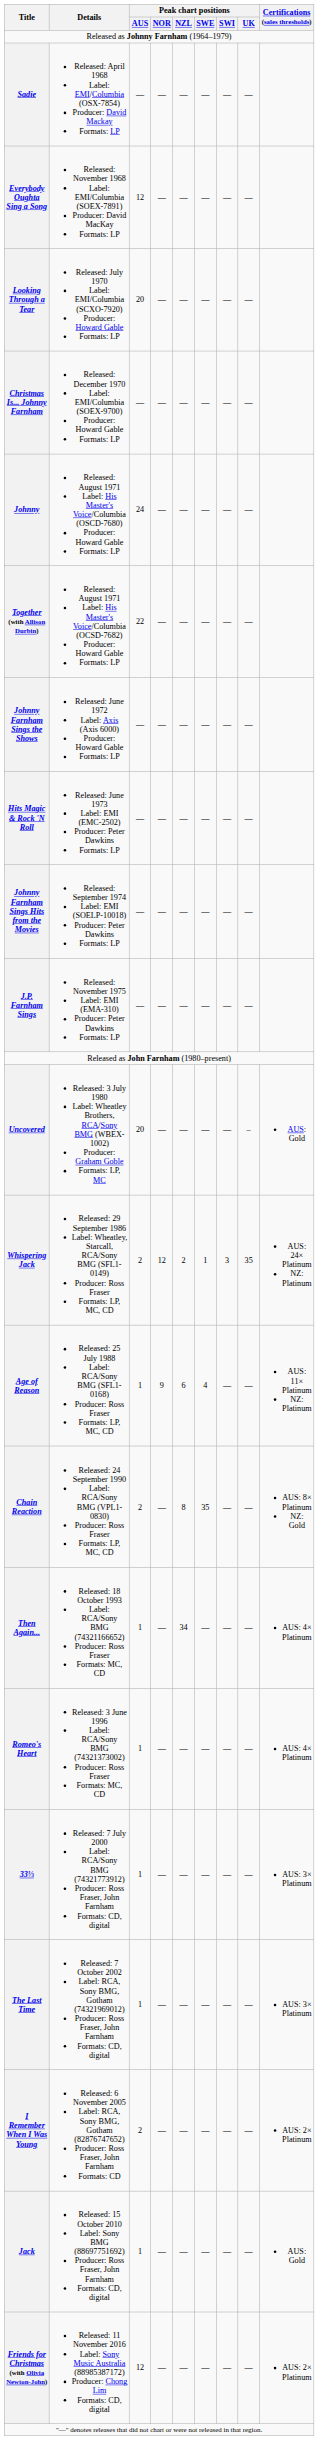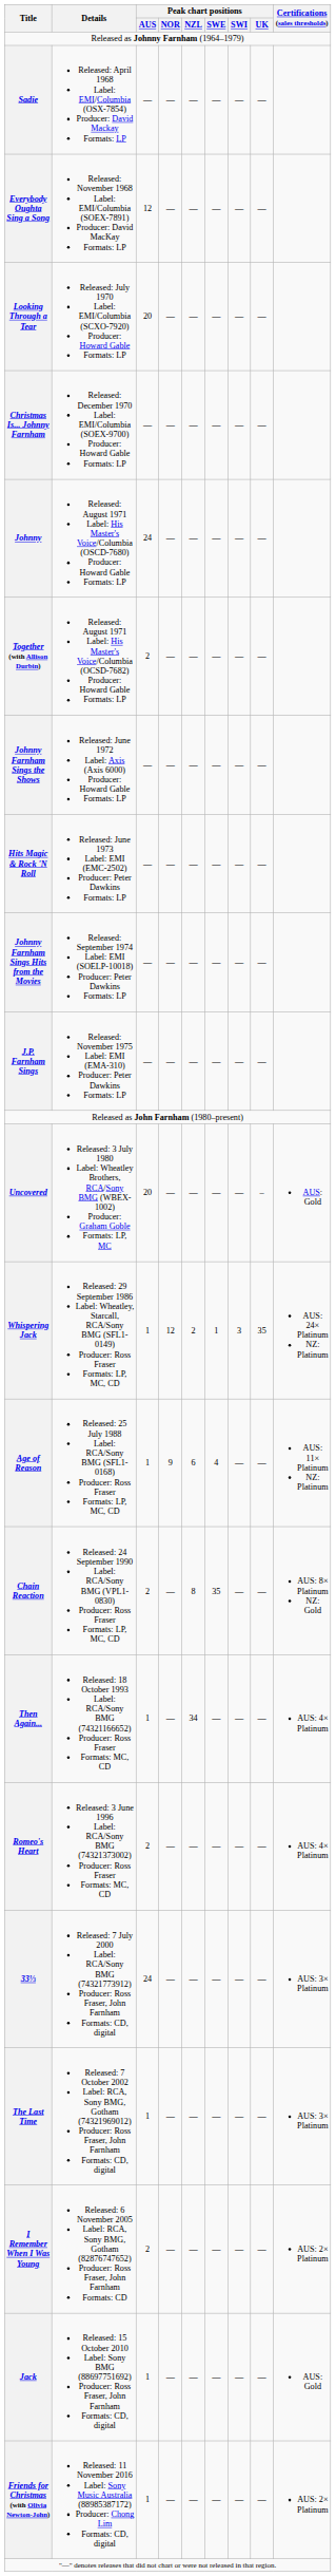 <table class="wikitable plainrowheaders" style="text-align:center;" border="1">
 <tr>
 <th rowspan="2">Title</th>
 <th rowspan="2">Details</th>
 <th colspan="6">Peak chart positions</th>
 <th rowspan="2"><a href='#'>Certifications</a><br><small>(<a href='#'>sales thresholds</a>)</small></th>
 </tr>
 <tr>
 <th width="35"><a href='#'>AUS</a><br></th>
 <th width="35"><a href='#'>NOR</a><br></th>
 <th width="35"><a href='#'>NZL</a><br></th>
 <th width="35"><a href='#'>SWE</a><br></th>
 <th width="35"><a href='#'>SWI</a><br></th>
 <th width="35"><a href='#'>UK</a><br></th>
 </tr>
 <tr>
 <td colspan=9>Released as <strong>Johnny Farnham</strong> (1964–1979)</td>
 </tr>
 <tr>
 <th scope="row"><em><a href='#'>Sadie</a></em></th>
 <td><br><ul><li>Released: April 1968</li><li>Label: <a href='#'>EMI</a>/<a href='#'>Columbia</a> (OSX-7854)</li><li>Producer: <a href='#'>David Mackay</a></li><li>Formats: <a href='#'>LP</a></li></ul></td>
 <td align="center">—</td>
 <td align="center">—</td>
 <td align="center">—</td>
 <td align="center">—</td>
 <td align="center">—</td>
 <td align="center">—</td>
 <td></td>
 </tr>
 <tr>
 <th scope="row"><em><a href='#'>Everybody Oughta Sing a Song</a></em></th>
 <td><br><ul><li>Released: November 1968</li><li>Label: EMI/Columbia (SOEX-7891)</li><li>Producer: David MacKay</li><li>Formats: LP</li></ul></td>
 <td align="center">12</td>
 <td align="center">—</td>
 <td align="center">—</td>
 <td align="center">—</td>
 <td align="center">—</td>
 <td align="center">—</td>
 <td></td>
 </tr>
 <tr>
 <th scope="row"><em><a href='#'>Looking Through a Tear</a></em></th>
 <td><br><ul><li>Released: July 1970</li><li>Label: EMI/Columbia (SCXO-7920)</li><li>Producer: <a href='#'>Howard Gable</a></li><li>Formats: LP</li></ul></td>
 <td align="center">20</td>
 <td align="center">—</td>
 <td align="center">—</td>
 <td align="center">—</td>
 <td align="center">—</td>
 <td align="center">—</td>
 <td></td>
 </tr>
 <tr>
 <th scope="row"><em><a href='#'>Christmas Is... Johnny Farnham</a></em></th>
 <td><br><ul><li>Released: December 1970</li><li>Label: EMI/Columbia (SOEX-9700)</li><li>Producer: Howard Gable</li><li>Formats: LP</li></ul></td>
 <td align="center">—</td>
 <td align="center">—</td>
 <td align="center">—</td>
 <td align="center">—</td>
 <td align="center">—</td>
 <td align="center">—</td>
 <td></td>
 </tr>
 <tr>
 <th scope="row"><em><a href='#'>Johnny</a></em></th>
 <td><br><ul><li>Released: August 1971</li><li>Label: <a href='#'>His Master's Voice</a>/Columbia (OSCD-7680)</li><li>Producer: Howard Gable</li><li>Formats: LP</li></ul></td>
 <td align="center">24</td>
 <td align="center">—</td>
 <td align="center">—</td>
 <td align="center">—</td>
 <td align="center">—</td>
 <td align="center">—</td>
 <td></td>
 </tr>
 <tr>
 <th scope="row"><em><a href='#'>Together</a></em><br><small>(with <a href='#'>Allison Durbin</a>)</small></th>
 <td><br><ul><li>Released: August 1971</li><li>Label: <a href='#'>His Master's Voice</a>/Columbia (OCSD-7682)</li><li>Producer: Howard Gable</li><li>Formats: LP</li></ul></td>
-<td align="center">22</td>
+<td align="center">2</td>
 <td align="center">—</td>
 <td align="center">—</td>
 <td align="center">—</td>
 <td align="center">—</td>
 <td align="center">—</td>
 <td></td>
 </tr>
 <tr>
 <th scope="row"><em><a href='#'>Johnny Farnham Sings the Shows</a></em></th>
 <td><br><ul><li>Released: June 1972</li><li>Label: <a href='#'>Axis</a> (Axis 6000)</li><li>Producer: Howard Gable</li><li>Formats: LP</li></ul></td>
 <td align="center">—</td>
 <td align="center">—</td>
 <td align="center">—</td>
 <td align="center">—</td>
 <td align="center">—</td>
 <td align="center">—</td>
 <td></td>
 </tr>
 <tr>
 <th scope="row"><em><a href='#'>Hits Magic & Rock 'N Roll</a></em></th>
 <td><br><ul><li>Released: June 1973</li><li>Label: EMI (EMC-2502)</li><li>Producer: Peter Dawkins</li><li>Formats: LP</li></ul></td>
 <td align="center">—</td>
 <td align="center">—</td>
 <td align="center">—</td>
 <td align="center">—</td>
 <td align="center">—</td>
 <td align="center">—</td>
 <td></td>
 </tr>
 <tr>
 <th scope="row"><em><a href='#'>Johnny Farnham Sings Hits from the Movies</a></em></th>
 <td><br><ul><li>Released: September 1974</li><li>Label: EMI (SOELP-10018)</li><li>Producer: Peter Dawkins</li><li>Formats: LP</li></ul></td>
 <td align="center">—</td>
 <td align="center">—</td>
 <td align="center">—</td>
 <td align="center">—</td>
 <td align="center">—</td>
 <td align="center">—</td>
 <td></td>
 </tr>
 <tr>
 <th scope="row"><em><a href='#'>J.P. Farnham Sings</a></em></th>
 <td><br><ul><li>Released: November 1975</li><li>Label: EMI (EMA-310)</li><li>Producer: Peter Dawkins</li><li>Formats: LP</li></ul></td>
 <td align="center">—</td>
 <td align="center">—</td>
 <td align="center">—</td>
 <td align="center">—</td>
 <td align="center">—</td>
 <td align="center">—</td>
 <td></td>
 </tr>
 <tr>
 <td colspan=9>Released as <strong>John Farnham</strong> (1980–present)</td>
 </tr>
 <tr>
 <th scope="row"><em><a href='#'>Uncovered</a></em></th>
 <td><br><ul><li>Released: 3 July 1980</li><li>Label: Wheatley Brothers, <a href='#'>RCA</a>/<a href='#'>Sony BMG</a> (WBEX-1002)</li><li>Producer: <a href='#'>Graham Goble</a></li><li>Formats: LP, <a href='#'>MC</a></li></ul></td>
 <td align="center">20</td>
 <td align="center">—</td>
 <td align="center">—</td>
 <td align="center">—</td>
 <td align="center">—</td>
 <td align="center">–</td>
 <td><br><ul><li><a href='#'>AUS</a>: Gold</li></ul></td>
 </tr>
 <tr>
 <th scope="row"><em><a href='#'>Whispering Jack</a></em></th>
 <td><br><ul><li>Released: 29 September 1986</li><li>Label: Wheatley, Starcall, RCA/Sony BMG (SFL1-0149)</li><li>Producer: Ross Fraser</li><li>Formats: LP, MC, CD</li></ul></td>
-<td align="center">2</td>
+<td align="center">1</td>
 <td align="center">12</td>
 <td align="center">2</td>
 <td align="center">1</td>
 <td align="center">3</td>
 <td align="center">35</td>
 <td><br><ul><li>AUS: 24× Platinum</li><li>NZ: Platinum</li></ul></td>
 </tr>
 <tr>
 <th scope="row"><em><a href='#'>Age of Reason</a></em></th>
 <td><br><ul><li>Released: 25 July 1988</li><li>Label: RCA/Sony BMG (SFL1-0168)</li><li>Producer: Ross Fraser</li><li>Formats: LP, MC, CD</li></ul></td>
 <td align="center">1</td>
 <td align="center">9</td>
 <td align="center">6</td>
 <td align="center">4</td>
 <td align="center">—</td>
 <td align="center">—</td>
 <td><br><ul><li>AUS: 11× Platinum</li><li>NZ: Platinum</li></ul></td>
 </tr>
 <tr>
 <th scope="row"><em><a href='#'>Chain Reaction</a></em></th>
 <td><br><ul><li>Released: 24 September 1990</li><li>Label: RCA/Sony BMG (VPL1-0830)</li><li>Producer: Ross Fraser</li><li>Formats: LP, MC, CD</li></ul></td>
 <td align="center">2</td>
 <td align="center">—</td>
 <td align="center">8</td>
 <td align="center">35</td>
 <td align="center">—</td>
 <td align="center">—</td>
 <td><br><ul><li>AUS: 8× Platinum</li><li>NZ: Gold</li></ul></td>
 </tr>
 <tr>
 <th scope="row"><em><a href='#'>Then Again...</a></em></th>
 <td><br><ul><li>Released: 18 October 1993</li><li>Label: RCA/Sony BMG (74321166652)</li><li>Producer: Ross Fraser</li><li>Formats: MC, CD</li></ul></td>
 <td align="center">1</td>
 <td align="center">—</td>
 <td align="center">34</td>
 <td align="center">—</td>
 <td align="center">—</td>
 <td align="center">—</td>
 <td><br><ul><li>AUS: 4× Platinum</li></ul></td>
 </tr>
 <tr>
 <th scope="row"><em><a href='#'>Romeo's Heart</a></em></th>
 <td><br><ul><li>Released: 3 June 1996</li><li>Label: RCA/Sony BMG (74321373002)</li><li>Producer: Ross Fraser</li><li>Formats: MC, CD</li></ul></td>
-<td align="center">1</td>
+<td align="center">2</td>
 <td align="center">—</td>
 <td align="center">—</td>
 <td align="center">—</td>
 <td align="center">—</td>
 <td align="center">—</td>
 <td><br><ul><li>AUS: 4× Platinum</li></ul></td>
 </tr>
 <tr>
 <th scope="row"><em><a href='#'>33⅓</a></em></th>
 <td><br><ul><li>Released: 7 July 2000</li><li>Label: RCA/Sony BMG (74321773912)</li><li>Producer: Ross Fraser, John Farnham</li><li>Formats: CD, digital</li></ul></td>
-<td align="center">1</td>
+<td align="center">24</td>
 <td align="center">—</td>
 <td align="center">—</td>
 <td align="center">—</td>
 <td align="center">—</td>
 <td align="center">—</td>
 <td><br><ul><li>AUS: 3× Platinum</li></ul></td>
 </tr>
 <tr>
 <th scope="row"><em><a href='#'>The Last Time</a></em></th>
 <td><br><ul><li>Released: 7 October 2002</li><li>Label: RCA, Sony BMG, Gotham (74321969012)</li><li>Producer: Ross Fraser, John Farnham</li><li>Formats: CD, digital</li></ul></td>
 <td align="center">1</td>
 <td align="center">—</td>
 <td align="center">—</td>
 <td align="center">—</td>
 <td align="center">—</td>
 <td align="center">—</td>
 <td><br><ul><li>AUS: 3× Platinum</li></ul></td>
 </tr>
 <tr>
 <th scope="row"><em><a href='#'>I Remember When I Was Young</a></em></th>
 <td><br><ul><li>Released: 6 November 2005</li><li>Label: RCA, Sony BMG, Gotham (82876747652)</li><li>Producer: Ross Fraser, John Farnham</li><li>Formats: CD</li></ul></td>
 <td align="center">2</td>
 <td align="center">—</td>
 <td align="center">—</td>
 <td align="center">—</td>
 <td align="center">—</td>
 <td align="center">—</td>
 <td><br><ul><li>AUS: 2× Platinum</li></ul></td>
 </tr>
 <tr>
 <th scope="row"><em><a href='#'>Jack</a></em></th>
 <td><br><ul><li>Released: 15 October 2010</li><li>Label: Sony BMG (88697751692)</li><li>Producer: Ross Fraser, John Farnham</li><li>Formats: CD, digital</li></ul></td>
 <td align="center">1</td>
 <td align="center">—</td>
 <td align="center">—</td>
 <td align="center">—</td>
 <td align="center">—</td>
 <td align="center">—</td>
 <td><br><ul><li>AUS: Gold</li></ul></td>
 </tr>
 <tr>
 <th scope="row"><em><a href='#'>Friends for Christmas</a></em> <br><small>(with <a href='#'>Olivia Newton-John</a>)</small></th>
 <td><br><ul><li>Released: 11 November 2016</li><li>Label: <a href='#'>Sony Music Australia</a> (88985387172)</li><li>Producer: <a href='#'>Chong Lim</a></li><li>Formats: CD, digital</li></ul></td>
-<td align="center">12</td>
+<td align="center">1</td>
 <td align="center">—</td>
 <td align="center">—</td>
 <td align="center">—</td>
 <td align="center">—</td>
 <td align="center">—</td>
 <td><br><ul><li>AUS: 2× Platinum</li></ul></td>
 </tr>
 <tr>
 <td align="center" colspan="11" style="font-size: 85%">"—" denotes releases that did not chart or were not released in that region.</td>
 </tr>
 </table>
